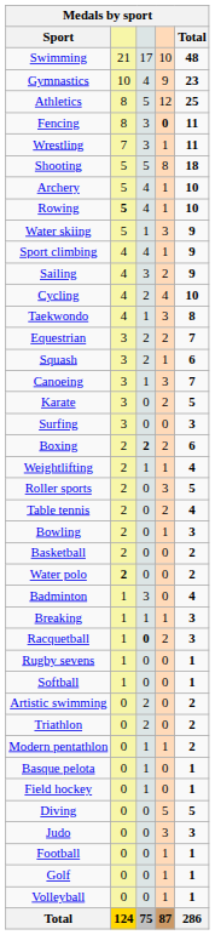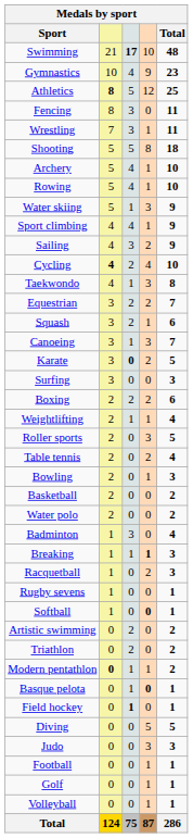 <table class="wikitable" style=font-size:85%;float:right;text-align:center>
 <tr>
 <th colspan=5>Medals by sport</th>
 </tr>
 <tr>
 <th>Sport</th>
 <td bgcolor=F7F6A8></td>
 <td bgcolor=DCE5E5></td>
 <td bgcolor=FFDAB9></td>
 <th>Total</th>
 </tr>
 <tr>
 <td><a href='#'>Swimming</a></td>
 <td bgcolor=F7F6A8>21</td>
-<td bgcolor=DCE5E5>17</td>
+<td bgcolor=DCE5E5><strong>17</strong></td>
 <td bgcolor=FFDAB9>10</td>
 <td><strong>48</strong></td>
 </tr>
 <tr>
 <td><a href='#'>Gymnastics</a></td>
 <td bgcolor=F7F6A8>10</td>
 <td bgcolor=DCE5E5>4</td>
 <td bgcolor=FFDAB9>9</td>
 <td><strong>23</strong></td>
 </tr>
 <tr>
 <td><a href='#'>Athletics</a></td>
-<td bgcolor=F7F6A8>8</td>
+<td bgcolor=F7F6A8><strong>8</strong></td>
 <td bgcolor=DCE5E5>5</td>
 <td bgcolor=FFDAB9>12</td>
 <td><strong>25</strong></td>
 </tr>
 <tr>
 <td><a href='#'>Fencing</a></td>
 <td bgcolor=F7F6A8>8</td>
 <td bgcolor=DCE5E5>3</td>
-<td bgcolor=FFDAB9><strong>0</strong></td>
+<td bgcolor=FFDAB9>0</td>
 <td><strong>11</strong></td>
 </tr>
 <tr>
 <td><a href='#'>Wrestling</a></td>
 <td bgcolor=F7F6A8>7</td>
 <td bgcolor=DCE5E5>3</td>
 <td bgcolor=FFDAB9>1</td>
 <td><strong>11</strong></td>
 </tr>
 <tr>
 <td><a href='#'>Shooting</a></td>
 <td bgcolor=F7F6A8>5</td>
 <td bgcolor=DCE5E5>5</td>
 <td bgcolor=FFDAB9>8</td>
 <td><strong>18</strong></td>
 </tr>
 <tr>
 <td><a href='#'>Archery</a></td>
 <td bgcolor=F7F6A8>5</td>
 <td bgcolor=DCE5E5>4</td>
 <td bgcolor=FFDAB9>1</td>
 <td><strong>10</strong></td>
 </tr>
 <tr>
 <td><a href='#'>Rowing</a></td>
-<td bgcolor=F7F6A8><strong>5</strong></td>
+<td bgcolor=F7F6A8>5</td>
 <td bgcolor=DCE5E5>4</td>
 <td bgcolor=FFDAB9>1</td>
 <td><strong>10</strong></td>
 </tr>
 <tr>
 <td><a href='#'>Water skiing</a></td>
 <td bgcolor=F7F6A8>5</td>
 <td bgcolor=DCE5E5>1</td>
 <td bgcolor=FFDAB9>3</td>
 <td><strong>9</strong></td>
 </tr>
 <tr>
 <td><a href='#'>Sport climbing</a></td>
 <td bgcolor=F7F6A8>4</td>
 <td bgcolor=DCE5E5>4</td>
 <td bgcolor=FFDAB9>1</td>
 <td><strong>9</strong></td>
 </tr>
 <tr>
 <td><a href='#'>Sailing</a></td>
 <td bgcolor=F7F6A8>4</td>
 <td bgcolor=DCE5E5>3</td>
 <td bgcolor=FFDAB9>2</td>
 <td><strong>9</strong></td>
 </tr>
 <tr>
 <td><a href='#'>Cycling</a></td>
-<td bgcolor=F7F6A8>4</td>
+<td bgcolor=F7F6A8><strong>4</strong></td>
 <td bgcolor=DCE5E5>2</td>
 <td bgcolor=FFDAB9>4</td>
 <td><strong>10</strong></td>
 </tr>
 <tr>
 <td><a href='#'>Taekwondo</a></td>
 <td bgcolor=F7F6A8>4</td>
 <td bgcolor=DCE5E5>1</td>
 <td bgcolor=FFDAB9>3</td>
 <td><strong>8</strong></td>
 </tr>
 <tr>
 <td><a href='#'>Equestrian</a></td>
 <td bgcolor=F7F6A8>3</td>
 <td bgcolor=DCE5E5>2</td>
 <td bgcolor=FFDAB9>2</td>
 <td><strong>7</strong></td>
 </tr>
 <tr>
 <td><a href='#'>Squash</a></td>
 <td bgcolor=F7F6A8>3</td>
 <td bgcolor=DCE5E5>2</td>
 <td bgcolor=FFDAB9>1</td>
 <td><strong>6</strong></td>
 </tr>
 <tr>
 <td><a href='#'>Canoeing</a></td>
 <td bgcolor=F7F6A8>3</td>
 <td bgcolor=DCE5E5>1</td>
 <td bgcolor=FFDAB9>3</td>
 <td><strong>7</strong></td>
 </tr>
 <tr>
 <td><a href='#'>Karate</a></td>
 <td bgcolor=F7F6A8>3</td>
-<td bgcolor=DCE5E5>0</td>
+<td bgcolor=DCE5E5><strong>0</strong></td>
 <td bgcolor=FFDAB9>2</td>
 <td><strong>5</strong></td>
 </tr>
 <tr>
 <td><a href='#'>Surfing</a></td>
 <td bgcolor=F7F6A8>3</td>
 <td bgcolor=DCE5E5>0</td>
 <td bgcolor=FFDAB9>0</td>
 <td><strong>3</strong></td>
 </tr>
 <tr>
 <td><a href='#'>Boxing</a></td>
 <td bgcolor=F7F6A8>2</td>
-<td bgcolor=DCE5E5><strong>2</strong></td>
+<td bgcolor=DCE5E5>2</td>
 <td bgcolor=FFDAB9>2</td>
 <td><strong>6</strong></td>
 </tr>
 <tr>
 <td><a href='#'>Weightlifting</a></td>
 <td bgcolor=F7F6A8>2</td>
 <td bgcolor=DCE5E5>1</td>
 <td bgcolor=FFDAB9>1</td>
 <td><strong>4</strong></td>
 </tr>
 <tr>
 <td><a href='#'>Roller sports</a></td>
 <td bgcolor=F7F6A8>2</td>
 <td bgcolor=DCE5E5>0</td>
 <td bgcolor=FFDAB9>3</td>
 <td><strong>5</strong></td>
 </tr>
 <tr>
 <td><a href='#'>Table tennis</a></td>
 <td bgcolor=F7F6A8>2</td>
 <td bgcolor=DCE5E5>0</td>
 <td bgcolor=FFDAB9>2</td>
 <td><strong>4</strong></td>
 </tr>
 <tr>
 <td><a href='#'>Bowling</a></td>
 <td bgcolor=F7F6A8>2</td>
 <td bgcolor=DCE5E5>0</td>
 <td bgcolor=FFDAB9>1</td>
 <td><strong>3</strong></td>
 </tr>
 <tr>
 <td><a href='#'>Basketball</a></td>
 <td bgcolor=F7F6A8>2</td>
 <td bgcolor=DCE5E5>0</td>
 <td bgcolor=FFDAB9>0</td>
 <td><strong>2</strong></td>
 </tr>
 <tr>
 <td><a href='#'>Water polo</a></td>
-<td bgcolor=F7F6A8><strong>2</strong></td>
+<td bgcolor=F7F6A8>2</td>
 <td bgcolor=DCE5E5>0</td>
 <td bgcolor=FFDAB9>0</td>
 <td><strong>2</strong></td>
 </tr>
 <tr>
 <td><a href='#'>Badminton</a></td>
 <td bgcolor=F7F6A8>1</td>
 <td bgcolor=DCE5E5>3</td>
 <td bgcolor=FFDAB9>0</td>
 <td><strong>4</strong></td>
 </tr>
 <tr>
 <td><a href='#'>Breaking</a></td>
 <td bgcolor=F7F6A8>1</td>
 <td bgcolor=DCE5E5>1</td>
-<td bgcolor=FFDAB9>1</td>
+<td bgcolor=FFDAB9><strong>1</strong></td>
 <td><strong>3</strong></td>
 </tr>
 <tr>
 <td><a href='#'>Racquetball</a></td>
 <td bgcolor=F7F6A8>1</td>
-<td bgcolor=DCE5E5><strong>0</strong></td>
+<td bgcolor=DCE5E5>0</td>
 <td bgcolor=FFDAB9>2</td>
 <td><strong>3</strong></td>
 </tr>
 <tr>
 <td><a href='#'>Rugby sevens</a></td>
 <td bgcolor=F7F6A8>1</td>
 <td bgcolor=DCE5E5>0</td>
 <td bgcolor=FFDAB9>0</td>
 <td><strong>1</strong></td>
 </tr>
 <tr>
 <td><a href='#'>Softball</a></td>
 <td bgcolor=F7F6A8>1</td>
 <td bgcolor=DCE5E5>0</td>
-<td bgcolor=FFDAB9>0</td>
+<td bgcolor=FFDAB9><strong>0</strong></td>
 <td><strong>1</strong></td>
 </tr>
 <tr>
 <td><a href='#'>Artistic swimming</a></td>
 <td bgcolor=F7F6A8>0</td>
 <td bgcolor=DCE5E5>2</td>
 <td bgcolor=FFDAB9>0</td>
 <td><strong>2</strong></td>
 </tr>
 <tr>
 <td><a href='#'>Triathlon</a></td>
 <td bgcolor=F7F6A8>0</td>
 <td bgcolor=DCE5E5>2</td>
 <td bgcolor=FFDAB9>0</td>
 <td><strong>2</strong></td>
 </tr>
 <tr>
 <td><a href='#'>Modern pentathlon</a></td>
-<td bgcolor=F7F6A8>0</td>
+<td bgcolor=F7F6A8><strong>0</strong></td>
 <td bgcolor=DCE5E5>1</td>
 <td bgcolor=FFDAB9>1</td>
 <td><strong>2</strong></td>
 </tr>
 <tr>
 <td><a href='#'>Basque pelota</a></td>
 <td bgcolor=F7F6A8>0</td>
 <td bgcolor=DCE5E5>1</td>
-<td bgcolor=FFDAB9>0</td>
+<td bgcolor=FFDAB9><strong>0</strong></td>
 <td><strong>1</strong></td>
 </tr>
 <tr>
 <td><a href='#'>Field hockey</a></td>
 <td bgcolor=F7F6A8>0</td>
-<td bgcolor=DCE5E5>1</td>
+<td bgcolor=DCE5E5><strong>1</strong></td>
 <td bgcolor=FFDAB9>0</td>
 <td><strong>1</strong></td>
 </tr>
 <tr>
 <td><a href='#'>Diving</a></td>
 <td bgcolor=F7F6A8>0</td>
 <td bgcolor=DCE5E5>0</td>
 <td bgcolor=FFDAB9>5</td>
 <td><strong>5</strong></td>
 </tr>
 <tr>
 <td><a href='#'>Judo</a></td>
 <td bgcolor=F7F6A8>0</td>
 <td bgcolor=DCE5E5>0</td>
 <td bgcolor=FFDAB9>3</td>
 <td><strong>3</strong></td>
 </tr>
 <tr>
 <td><a href='#'>Football</a></td>
 <td bgcolor=F7F6A8>0</td>
 <td bgcolor=DCE5E5>0</td>
 <td bgcolor=FFDAB9>1</td>
 <td><strong>1</strong></td>
 </tr>
 <tr>
 <td><a href='#'>Golf</a></td>
 <td bgcolor=F7F6A8>0</td>
 <td bgcolor=DCE5E5>0</td>
 <td bgcolor=FFDAB9>1</td>
 <td><strong>1</strong></td>
 </tr>
 <tr>
 <td><a href='#'>Volleyball</a></td>
 <td bgcolor=F7F6A8>0</td>
 <td bgcolor=DCE5E5>0</td>
 <td bgcolor=FFDAB9>1</td>
 <td><strong>1</strong></td>
 </tr>
 <tr>
 <th>Total</th>
 <th style=background:gold>124</th>
 <th style=background:silver>75</th>
 <th style=background:#c96>87</th>
 <th>286</th>
 </tr>
 </table>
